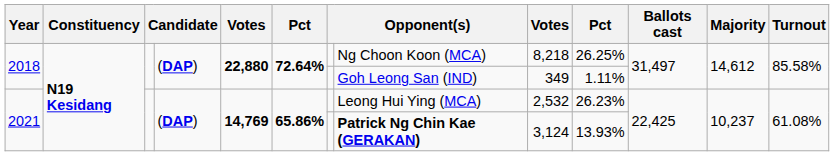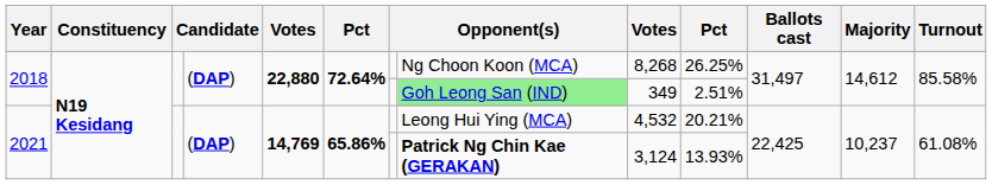 <table class="wikitable" style="margin:0.5em ; font-size:95%">
 <tr>
 <th>Year</th>
 <th>Constituency</th>
 <th colspan="2">Candidate</th>
 <th>Votes</th>
 <th>Pct</th>
 <th colspan="2">Opponent(s)</th>
 <th>Votes</th>
 <th>Pct</th>
 <th>Ballots cast</th>
 <th>Majority</th>
 <th>Turnout</th>
 </tr>
 <tr>
 <td rowspan="2"><a href='#'>2018</a></td>
 <td rowspan="4"><strong>N19 <a href='#'>Kesidang</a></strong></td>
 <td rowspan="2" ></td>
 <td rowspan="2"> (<a href='#'><strong>DAP</strong></a>)</td>
 <td rowspan="2" align="right"><strong>22,880</strong></td>
 <td rowspan="2"><strong>72.64%</strong></td>
 <td></td>
 <td>Ng Choon Koon (<a href='#'>MCA</a>)</td>
-<td align="right">8,218</td>
+<td align="right">8,268</td>
 <td>26.25%</td>
 <td rowspan="2">31,497</td>
 <td rowspan="2">14,612</td>
 <td rowspan="2">85.58%</td>
 </tr>
 <tr>
 <td></td>
-<td><a href='#'>Goh Leong San</a> (<a href='#'>IND</a>)</td>
+<td style="background: lightgreen;"><a href='#'>Goh Leong San</a> (<a href='#'>IND</a>)</td>
 <td align="right">349</td>
-<td align=right>1.11%</td>
+<td align=right>2.51%</td>
 </tr>
 <tr>
 <td rowspan="2"><a href='#'>2021</a></td>
 <td rowspan="2" ></td>
 <td rowspan="2"> (<a href='#'><strong>DAP</strong></a>)</td>
 <td rowspan="2" align="right"><strong>14,769</strong></td>
 <td rowspan="2"><strong>65.86%</strong></td>
 <td></td>
 <td>Leong Hui Ying (<a href='#'>MCA</a>)</td>
-<td align="right">2,532</td>
-<td>26.23%</td>
+<td align="right">4,532</td>
+<td>20.21%</td>
 <td rowspan="2">22,425</td>
 <td rowspan="2">10,237</td>
 <td rowspan="2">61.08%</td>
 </tr>
 <tr>
 <td></td>
 <td><strong>Patrick Ng Chin Kae (<a href='#'>GERAKAN</a>)</strong></td>
 <td align="right">3,124</td>
 <td>13.93%</td>
 </tr>
 </table>
